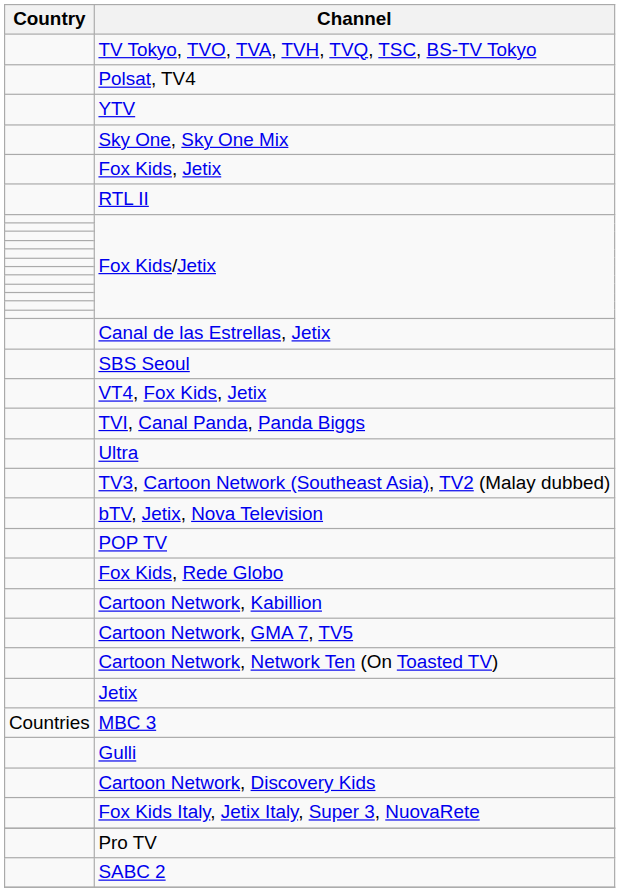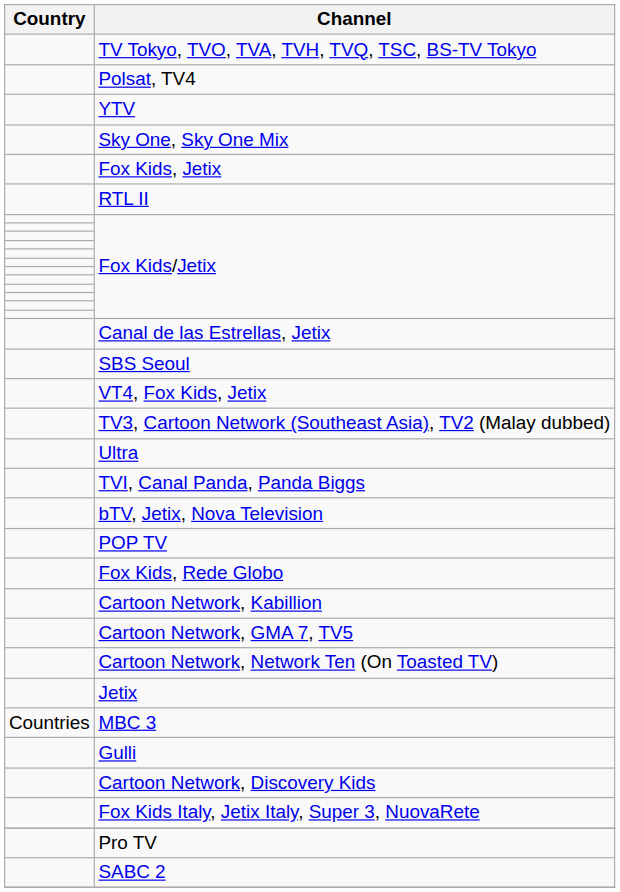 <table class="wikitable">
 <tr>
 <th>Country</th>
 <th>Channel</th>
 </tr>
 <tr>
 <td></td>
 <td><a href='#'>TV Tokyo</a>, <a href='#'>TVO</a>, <a href='#'>TVA</a>, <a href='#'>TVH</a>, <a href='#'>TVQ</a>, <a href='#'>TSC</a>, <a href='#'>BS-TV Tokyo</a></td>
 </tr>
 <tr>
 <td></td>
 <td><a href='#'>Polsat</a>, TV4</td>
 </tr>
 <tr>
 <td></td>
 <td><a href='#'>YTV</a></td>
 </tr>
 <tr>
 <td></td>
 <td><a href='#'>Sky One</a>, <a href='#'>Sky One Mix</a></td>
 </tr>
 <tr>
 <td></td>
 <td><a href='#'>Fox Kids</a>, <a href='#'>Jetix</a></td>
 </tr>
 <tr>
 <td></td>
 <td><a href='#'>RTL II</a></td>
 </tr>
 <tr>
 <td></td>
 <td rowspan="12"><a href='#'>Fox Kids</a>/<a href='#'>Jetix</a></td>
 </tr>
 <tr>
 <td></td>
 </tr>
 <tr>
 <td></td>
 </tr>
 <tr>
 <td></td>
 </tr>
 <tr>
 <td></td>
 </tr>
 <tr>
 <td></td>
 </tr>
 <tr>
 <td></td>
 </tr>
 <tr>
 <td></td>
 </tr>
 <tr>
 <td></td>
 </tr>
 <tr>
 <td></td>
 </tr>
 <tr>
 <td></td>
 </tr>
 <tr>
 <td></td>
 </tr>
 <tr>
 <td></td>
 <td><a href='#'>Canal de las Estrellas</a>, <a href='#'>Jetix</a></td>
 </tr>
 <tr>
 <td></td>
 <td><a href='#'>SBS Seoul</a></td>
 </tr>
 <tr>
 <td></td>
 <td><a href='#'>VT4</a>, <a href='#'>Fox Kids</a>, <a href='#'>Jetix</a></td>
 </tr>
 <tr>
 <td></td>
-<td><a href='#'>TVI</a>, <a href='#'>Canal Panda</a>, <a href='#'>Panda Biggs</a></td>
+<td><a href='#'>TV3</a>, <a href='#'>Cartoon Network (Southeast Asia)</a>, <a href='#'>TV2</a> (Malay dubbed)</td>
 </tr>
 <tr>
 <td></td>
 <td><a href='#'>Ultra</a></td>
 </tr>
 <tr>
 <td></td>
-<td><a href='#'>TV3</a>, <a href='#'>Cartoon Network (Southeast Asia)</a>, <a href='#'>TV2</a> (Malay dubbed)</td>
+<td><a href='#'>TVI</a>, <a href='#'>Canal Panda</a>, <a href='#'>Panda Biggs</a></td>
 </tr>
 <tr>
 <td></td>
 <td><a href='#'>bTV</a>, <a href='#'>Jetix</a>, <a href='#'>Nova Television</a></td>
 </tr>
 <tr>
 <td></td>
 <td><a href='#'>POP TV</a></td>
 </tr>
 <tr>
 <td></td>
 <td><a href='#'>Fox Kids</a>, <a href='#'>Rede Globo</a></td>
 </tr>
 <tr>
 <td></td>
 <td><a href='#'>Cartoon Network</a>, <a href='#'>Kabillion</a></td>
 </tr>
 <tr>
 <td></td>
 <td><a href='#'>Cartoon Network</a>, <a href='#'>GMA 7</a>, <a href='#'>TV5</a></td>
 </tr>
 <tr>
 <td></td>
 <td><a href='#'>Cartoon Network</a>, <a href='#'>Network Ten</a> (On <a href='#'>Toasted TV</a>)</td>
 </tr>
 <tr>
 <td></td>
 <td><a href='#'>Jetix</a></td>
 </tr>
 <tr>
 <td> Countries</td>
 <td><a href='#'>MBC 3</a></td>
 </tr>
 <tr>
 <td></td>
 <td><a href='#'>Gulli</a></td>
 </tr>
 <tr>
 <td></td>
 <td><a href='#'>Cartoon Network</a>, <a href='#'>Discovery Kids</a></td>
 </tr>
 <tr>
 <td></td>
 <td><a href='#'>Fox Kids Italy</a>, <a href='#'>Jetix Italy</a>, <a href='#'>Super 3</a>, <a href='#'>NuovaRete</a></td>
 </tr>
 <tr>
 </tr>
 <tr>
 <td></td>
 <td>Pro TV</td>
 </tr>
 <tr>
 <td></td>
 <td><a href='#'>SABC 2</a></td>
 </tr>
 <tr>
 </tr>
 </table>
